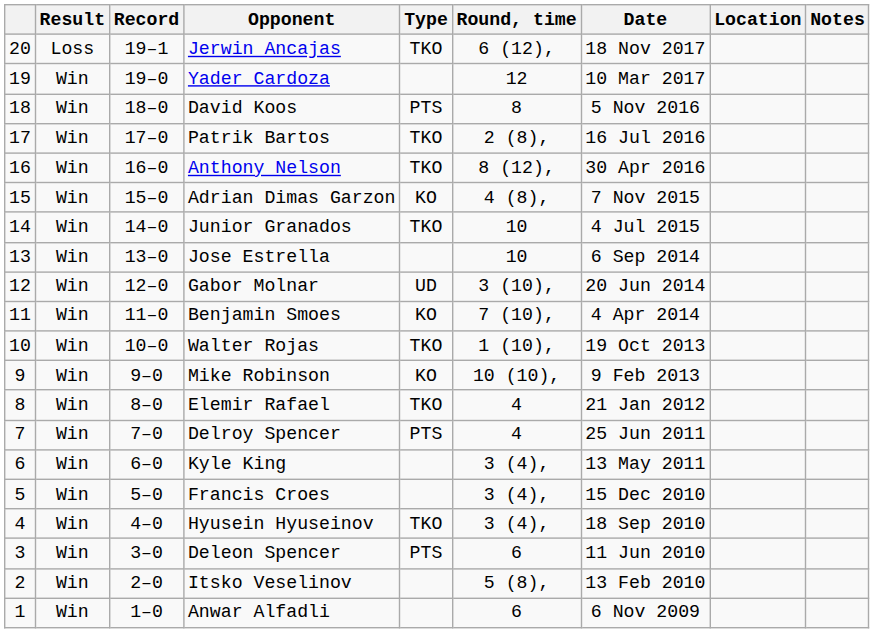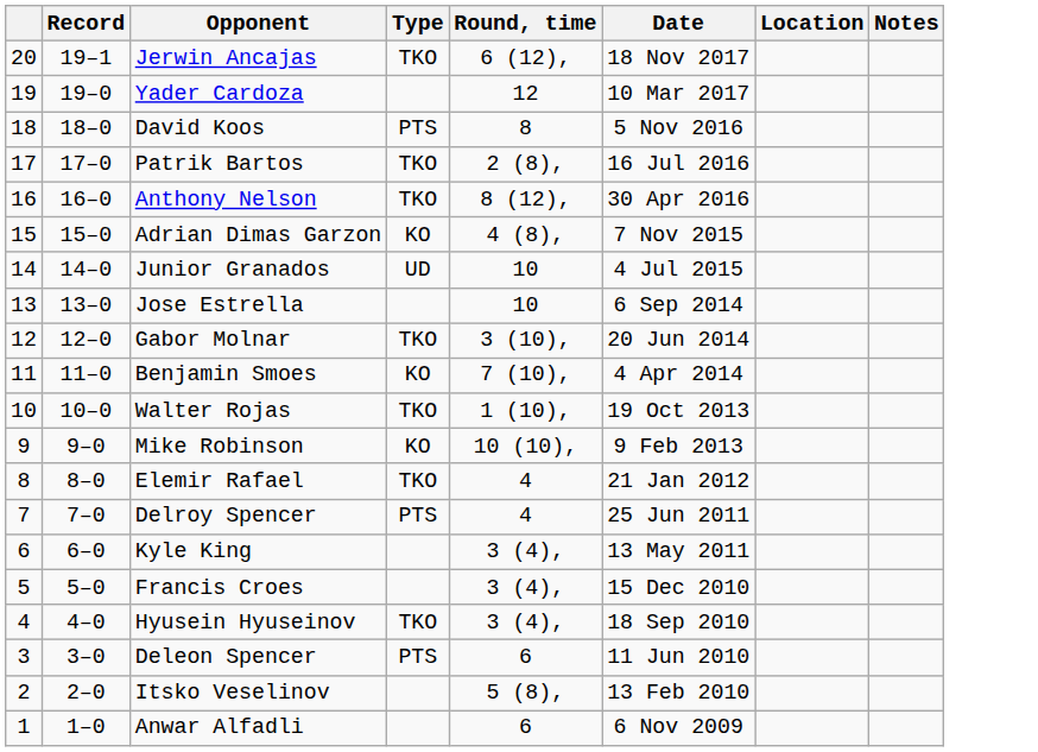 <table class="wikitable" style="text-align:center">
 <tr>
 <th></th>
-<th>Result</th>
 <th>Record</th>
 <th>Opponent</th>
 <th>Type</th>
 <th>Round, time</th>
 <th>Date</th>
 <th>Location</th>
 <th>Notes</th>
 </tr>
 <tr>
 <td>20</td>
-<td>Loss</td>
 <td>19–1</td>
 <td style="text-align:left;"> <a href='#'>Jerwin Ancajas</a></td>
 <td>TKO</td>
 <td>6 (12), </td>
 <td>18 Nov 2017</td>
 <td style="text-align:left;"> </td>
 <td style="text-align:left;"></td>
 </tr>
 <tr>
 <td>19</td>
-<td>Win</td>
 <td>19–0</td>
 <td style="text-align:left;"> <a href='#'>Yader Cardoza</a></td>
 <td></td>
 <td>12</td>
 <td>10 Mar 2017</td>
 <td style="text-align:left;"> </td>
 <td style="text-align:left;"></td>
 </tr>
 <tr>
 <td>18</td>
-<td>Win</td>
 <td>18–0</td>
 <td style="text-align:left;"> David Koos</td>
 <td>PTS</td>
 <td>8</td>
 <td>5 Nov 2016</td>
 <td style="text-align:left;"> </td>
 <td></td>
 </tr>
 <tr>
 <td>17</td>
-<td>Win</td>
 <td>17–0</td>
 <td style="text-align:left;"> Patrik Bartos</td>
 <td>TKO</td>
 <td>2 (8), </td>
 <td>16 Jul 2016</td>
 <td style="text-align:left;"> </td>
 <td></td>
 </tr>
 <tr>
 <td>16</td>
-<td>Win</td>
 <td>16–0</td>
 <td style="text-align:left;"> <a href='#'>Anthony Nelson</a></td>
 <td>TKO</td>
 <td>8 (12), </td>
 <td>30 Apr 2016</td>
 <td style="text-align:left;"> </td>
 <td style="text-align:left;"></td>
 </tr>
 <tr>
 <td>15</td>
-<td>Win</td>
 <td>15–0</td>
 <td style="text-align:left;"> Adrian Dimas Garzon</td>
 <td>KO</td>
 <td>4 (8), </td>
 <td>7 Nov 2015</td>
 <td style="text-align:left;"> </td>
 <td></td>
 </tr>
 <tr>
 <td>14</td>
-<td>Win</td>
 <td>14–0</td>
 <td style="text-align:left;"> Junior Granados</td>
-<td>TKO</td>
+<td>UD</td>
 <td>10</td>
 <td>4 Jul 2015</td>
 <td style="text-align:left;"> </td>
 <td style="text-align:left;"></td>
 </tr>
 <tr>
 <td>13</td>
-<td>Win</td>
 <td>13–0</td>
 <td style="text-align:left;"> Jose Estrella</td>
 <td></td>
 <td>10</td>
 <td>6 Sep 2014</td>
 <td style="text-align:left;"> </td>
 <td style="text-align:left;"></td>
 </tr>
 <tr>
 <td>12</td>
-<td>Win</td>
 <td>12–0</td>
 <td style="text-align:left;"> Gabor Molnar</td>
-<td>UD</td>
+<td>TKO</td>
 <td>3 (10), </td>
 <td>20 Jun 2014</td>
 <td style="text-align:left;"> </td>
 <td style="text-align:left;"></td>
 </tr>
 <tr>
 <td>11</td>
-<td>Win</td>
 <td>11–0</td>
 <td style="text-align:left;"> Benjamin Smoes</td>
 <td>KO</td>
 <td>7 (10), </td>
 <td>4 Apr 2014</td>
 <td style="text-align:left;"> </td>
 <td style="text-align:left;"></td>
 </tr>
 <tr>
 <td>10</td>
-<td>Win</td>
 <td>10–0</td>
 <td style="text-align:left;"> Walter Rojas</td>
 <td>TKO</td>
 <td>1 (10), </td>
 <td>19 Oct 2013</td>
 <td style="text-align:left;"> </td>
 <td></td>
 </tr>
 <tr>
 <td>9</td>
-<td>Win</td>
 <td>9–0</td>
 <td style="text-align:left;"> Mike Robinson</td>
 <td>KO</td>
 <td>10 (10), </td>
 <td>9 Feb 2013</td>
 <td style="text-align:left;"> </td>
 <td></td>
 </tr>
 <tr>
 <td>8</td>
-<td>Win</td>
 <td>8–0</td>
 <td style="text-align:left;"> Elemir Rafael</td>
 <td>TKO</td>
 <td>4</td>
 <td>21 Jan 2012</td>
 <td style="text-align:left;"> </td>
 <td></td>
 </tr>
 <tr>
 <td>7</td>
-<td>Win</td>
 <td>7–0</td>
 <td style="text-align:left;"> Delroy Spencer</td>
 <td>PTS</td>
 <td>4</td>
 <td>25 Jun 2011</td>
 <td style="text-align:left;"> </td>
 <td></td>
 </tr>
 <tr>
 <td>6</td>
-<td>Win</td>
 <td>6–0</td>
 <td style="text-align:left;"> Kyle King</td>
 <td></td>
 <td>3 (4), </td>
 <td>13 May 2011</td>
 <td style="text-align:left;"> </td>
 <td></td>
 </tr>
 <tr>
 <td>5</td>
-<td>Win</td>
 <td>5–0</td>
 <td style="text-align:left;"> Francis Croes</td>
 <td></td>
 <td>3 (4), </td>
 <td>15 Dec 2010</td>
 <td style="text-align:left;"> </td>
 <td></td>
 </tr>
 <tr>
 <td>4</td>
-<td>Win</td>
 <td>4–0</td>
 <td style="text-align:left;"> Hyusein Hyuseinov</td>
 <td>TKO</td>
 <td>3 (4), </td>
 <td>18 Sep 2010</td>
 <td style="text-align:left;"> </td>
 <td></td>
 </tr>
 <tr>
 <td>3</td>
-<td>Win</td>
 <td>3–0</td>
 <td style="text-align:left;"> Deleon Spencer</td>
 <td>PTS</td>
 <td>6</td>
 <td>11 Jun 2010</td>
 <td style="text-align:left;"> </td>
 <td></td>
 </tr>
 <tr>
 <td>2</td>
-<td>Win</td>
 <td>2–0</td>
 <td style="text-align:left;"> Itsko Veselinov</td>
 <td></td>
 <td>5 (8), </td>
 <td>13 Feb 2010</td>
 <td style="text-align:left;"> </td>
 <td></td>
 </tr>
 <tr>
 <td>1</td>
-<td>Win</td>
 <td>1–0</td>
 <td style="text-align:left;"> Anwar Alfadli</td>
 <td></td>
 <td>6</td>
 <td>6 Nov 2009</td>
 <td style="text-align:left;"> </td>
 <td></td>
 </tr>
 </table>
